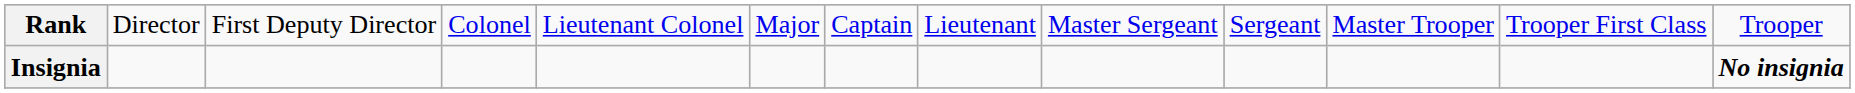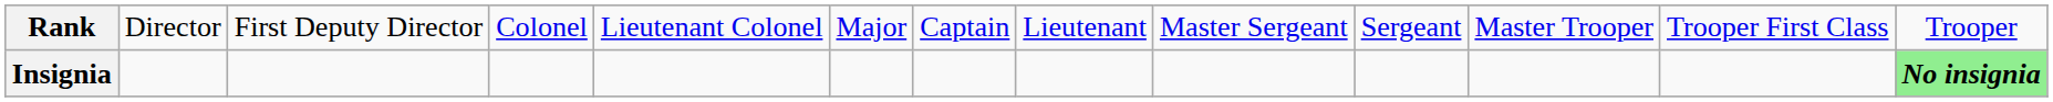 <table class="wikitable">
 <tr style="text-align:center;">
 <th>Rank</th>
 <td>Director</td>
 <td>First Deputy Director</td>
 <td><a href='#'>Colonel</a></td>
 <td><a href='#'>Lieutenant Colonel</a></td>
 <td><a href='#'>Major</a></td>
 <td><a href='#'>Captain</a></td>
 <td><a href='#'>Lieutenant</a></td>
 <td><a href='#'>Master Sergeant</a></td>
 <td><a href='#'>Sergeant</a></td>
 <td><a href='#'>Master Trooper</a></td>
 <td><a href='#'>Trooper First Class</a></td>
 <td><a href='#'>Trooper</a></td>
 </tr>
 <tr style="text-align:center;">
 <th>Insignia</th>
 <td></td>
 <td></td>
 <td></td>
 <td></td>
 <td></td>
 <td></td>
 <td></td>
 <td></td>
 <td></td>
 <td></td>
 <td></td>
-<td><strong><em>No insignia</em></strong></td>
+<td style="background: lightgreen;"><strong><em>No insignia</em></strong></td>
 </tr>
 </table>
